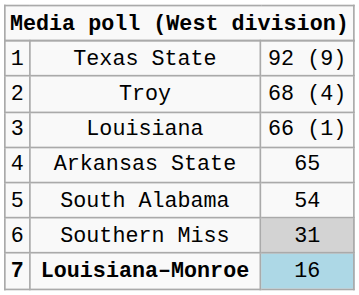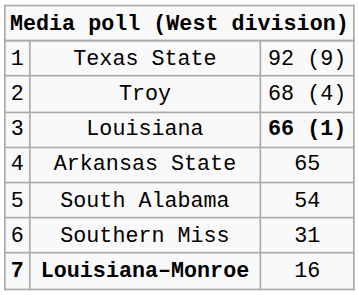 <table class="wikitable" style="display: inline-table;">
 <tr>
 <td align="center" Colspan="3"><strong>Media poll (West division)</strong></td>
 </tr>
 <tr align="center">
 </tr>
 <tr align="center">
 <td>1</td>
 <td>Texas State</td>
 <td>92 (9)</td>
 </tr>
 <tr align="center">
 <td>2</td>
 <td>Troy</td>
 <td>68 (4)</td>
 </tr>
 <tr align="center">
 <td>3</td>
 <td>Louisiana</td>
-<td>66 (1)</td>
+<td><strong>66 (1)</strong></td>
 </tr>
 <tr align="center">
 <td>4</td>
 <td>Arkansas State</td>
 <td>65</td>
 </tr>
 <tr align="center">
 <td>5</td>
 <td>South Alabama</td>
 <td>54</td>
 </tr>
 <tr align="center">
 <td>6</td>
 <td>Southern Miss</td>
-<td style="background: lightgrey;">31</td>
+<td>31</td>
 </tr>
 <tr align="center">
 <td><strong>7</strong></td>
 <td><strong>Louisiana–Monroe</strong></td>
-<td style="background: lightblue;">16</td>
+<td>16</td>
 </tr>
 </table>
